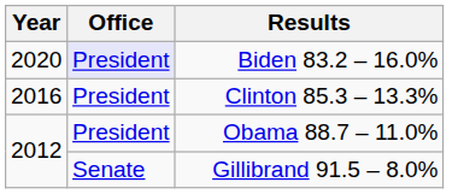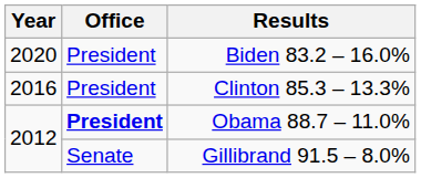 <table class=wikitable>
 <tr>
 <th width="30">Year</th>
 <th width="60">Office</th>
 <th width="180">Results</th>
 </tr>
 <tr>
 <td>2020</td>
-<td style="background: lavender;"><a href='#'>President</a></td>
+<td><a href='#'>President</a></td>
 <td align="right" ><a href='#'>Biden</a> 83.2 – 16.0%</td>
 </tr>
 <tr>
 <td>2016</td>
 <td><a href='#'>President</a></td>
 <td align="right" ><a href='#'>Clinton</a> 85.3 – 13.3%</td>
 </tr>
 <tr>
 <td rowspan="2">2012</td>
-<td><a href='#'>President</a></td>
+<td><strong><a href='#'>President</a></strong></td>
 <td align="right" ><a href='#'>Obama</a> 88.7 – 11.0%</td>
 </tr>
 <tr>
 <td><a href='#'>Senate</a></td>
 <td align="right" ><a href='#'>Gillibrand</a> 91.5 – 8.0%</td>
 </tr>
 </table>
